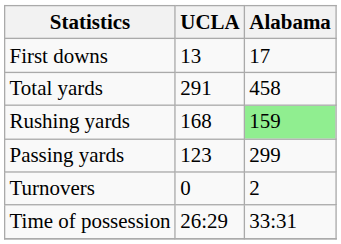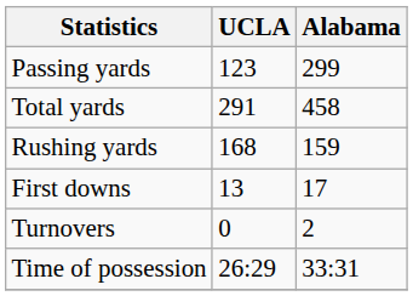 <table class="wikitable" style="float: left;">
 <tr>
 <th>Statistics</th>
 <th>UCLA</th>
 <th>Alabama</th>
 </tr>
 <tr>
-<td>First downs</td>
-<td>13</td>
-<td>17</td>
+<td>Passing yards</td>
+<td>123</td>
+<td>299</td>
 </tr>
 <tr>
 <td>Total yards</td>
 <td>291</td>
 <td>458</td>
 </tr>
 <tr>
 <td>Rushing yards</td>
 <td>168</td>
-<td style="background: lightgreen;">159</td>
+<td>159</td>
 </tr>
 <tr>
-<td>Passing yards</td>
-<td>123</td>
-<td>299</td>
+<td>First downs</td>
+<td>13</td>
+<td>17</td>
 </tr>
 <tr>
 <td>Turnovers</td>
 <td>0</td>
 <td>2</td>
 </tr>
 <tr>
 <td>Time of possession</td>
 <td>26:29</td>
 <td>33:31</td>
 </tr>
 <tr>
 </tr>
 </table>
